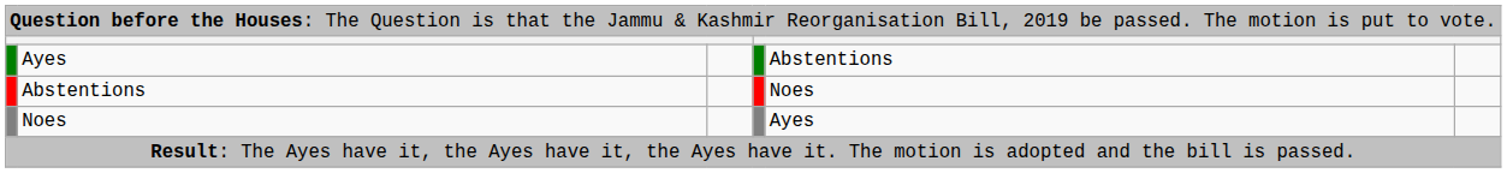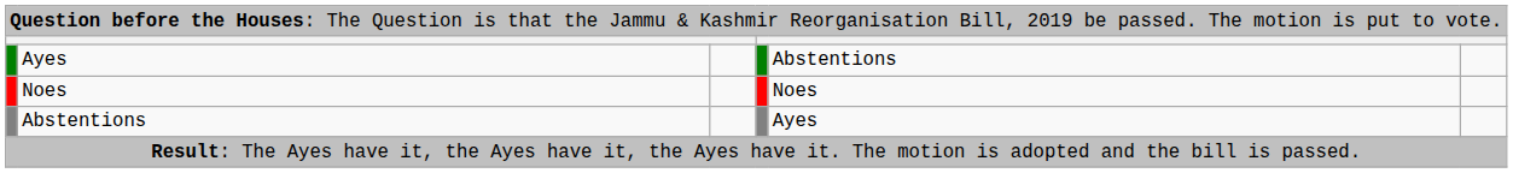 <table class="wikitable" style="text-align:center; font-size:100%;">
 <tr>
 <td colspan="8"  style="text-align:center; background:silver;"><strong>Question before the Houses</strong>: The Question is that the Jammu & Kashmir Reorganisation Bill, 2019 be passed. The motion is put to vote.</td>
 </tr>
 <tr>
 <th colspan="3" style="width:200px"></th>
 <th colspan="3" style="width:200px"></th>
 </tr>
 <tr>
 <th style="width:2px; background:green;"></th>
 <td style="text-align:left;">Ayes</td>
 <td></td>
 <th style="width:2px; background:green;"></th>
 <td style="text-align:left;">Abstentions</td>
 <td></td>
 </tr>
 <tr>
 <th style="width:2px; background:red;"></th>
-<td style="text-align:left;">Abstentions</td>
+<td style="text-align:left;">Noes</td>
 <td></td>
 <th style="width:2px; background:red;"></th>
 <td style="text-align:left;">Noes</td>
 <td></td>
 </tr>
 <tr>
 <th style="width:2px; background:gray;"></th>
-<td style="text-align:left;">Noes</td>
+<td style="text-align:left;">Abstentions</td>
 <td></td>
 <th style="width:2px; background:gray;"></th>
 <td style="text-align:left;">Ayes</td>
 <td></td>
 </tr>
 <tr>
 <td colspan="8" style="text-align:centre; background:silver;"><strong>Result</strong>: The Ayes have it, the Ayes have it, the Ayes have it. The motion is adopted and the bill is passed.</td>
 </tr>
 </table>
